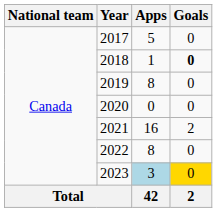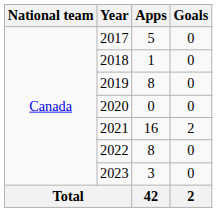 <table class="wikitable" style="text-align:center">
 <tr>
 <th>National team</th>
 <th>Year</th>
 <th>Apps</th>
 <th>Goals</th>
 </tr>
 <tr>
 <td rowspan="7"><a href='#'>Canada</a></td>
 <td>2017</td>
 <td>5</td>
 <td>0</td>
 </tr>
 <tr>
 <td>2018</td>
 <td>1</td>
-<td><strong>0</strong></td>
+<td>0</td>
 </tr>
 <tr>
 <td>2019</td>
 <td>8</td>
 <td>0</td>
 </tr>
 <tr>
 <td>2020</td>
 <td>0</td>
 <td>0</td>
 </tr>
 <tr>
 <td>2021</td>
 <td>16</td>
 <td>2</td>
 </tr>
 <tr>
 <td>2022</td>
 <td>8</td>
 <td>0</td>
 </tr>
 <tr>
 <td>2023</td>
-<td style="background: lightblue;">3</td>
-<td style="background: gold;">0</td>
+<td>3</td>
+<td>0</td>
 </tr>
 <tr>
 <th colspan="2">Total</th>
 <th>42</th>
 <th>2</th>
 </tr>
 </table>
